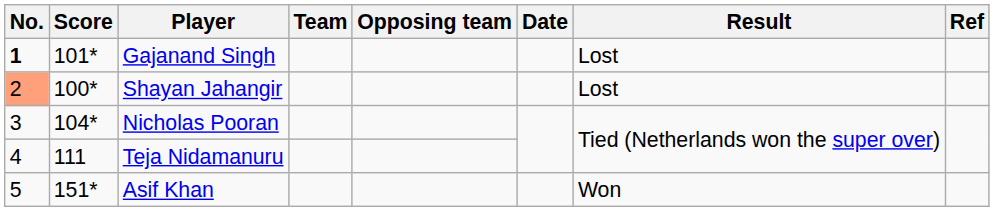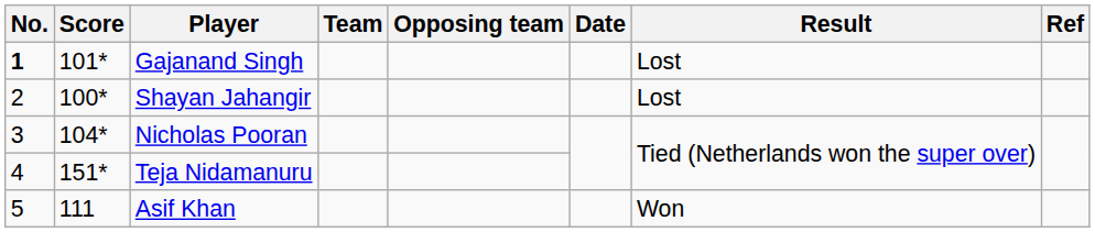 <table class="wikitable sortable" style="font-size:95%">
 <tr>
 <th>No.</th>
 <th>Score</th>
 <th>Player</th>
 <th>Team</th>
 <th>Opposing team</th>
 <th>Date</th>
 <th>Result</th>
 <th>Ref</th>
 </tr>
 <tr>
 <td><strong>1</strong></td>
 <td>101*</td>
 <td><a href='#'>Gajanand Singh</a></td>
 <td></td>
 <td></td>
 <td></td>
 <td>Lost</td>
 <td></td>
 </tr>
 <tr>
-<td style="background: lightsalmon;">2</td>
+<td>2</td>
 <td>100*</td>
 <td><a href='#'>Shayan Jahangir</a></td>
 <td></td>
 <td></td>
 <td></td>
 <td>Lost</td>
 <td></td>
 </tr>
 <tr>
 <td>3</td>
 <td>104*</td>
 <td><a href='#'>Nicholas Pooran</a></td>
 <td></td>
 <td></td>
 <td rowspan="2"></td>
 <td rowspan="2">Tied (Netherlands won the <a href='#'>super over</a>)</td>
 <td rowspan="2"></td>
 </tr>
 <tr>
 <td>4</td>
-<td>111</td>
+<td>151*</td>
 <td><a href='#'>Teja Nidamanuru</a></td>
 <td></td>
 <td></td>
 </tr>
 <tr>
 <td>5</td>
-<td>151*</td>
+<td>111</td>
 <td><a href='#'>Asif Khan</a></td>
 <td></td>
 <td></td>
 <td></td>
 <td>Won</td>
 <td></td>
 </tr>
 </table>
